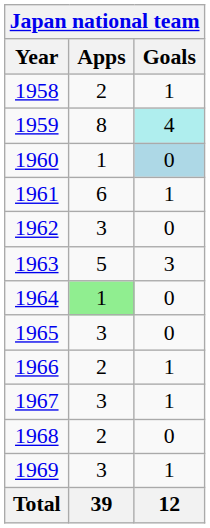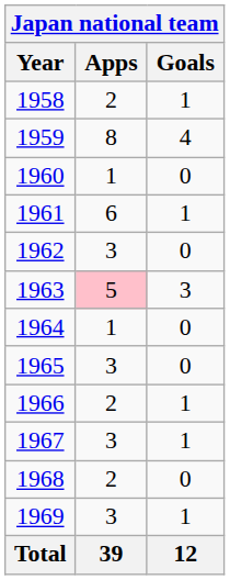 <table class="wikitable" style="text-align:center">
 <tr>
 <th colspan=3><a href='#'>Japan national team</a></th>
 </tr>
 <tr>
 <th>Year</th>
 <th>Apps</th>
 <th>Goals</th>
 </tr>
 <tr>
 <td><a href='#'>1958</a></td>
 <td>2</td>
 <td>1</td>
 </tr>
 <tr>
 <td><a href='#'>1959</a></td>
 <td>8</td>
-<td style="background: paleturquoise;">4</td>
+<td>4</td>
 </tr>
 <tr>
 <td><a href='#'>1960</a></td>
 <td>1</td>
-<td style="background: lightblue;">0</td>
+<td>0</td>
 </tr>
 <tr>
 <td><a href='#'>1961</a></td>
 <td>6</td>
 <td>1</td>
 </tr>
 <tr>
 <td><a href='#'>1962</a></td>
 <td>3</td>
 <td>0</td>
 </tr>
 <tr>
 <td><a href='#'>1963</a></td>
-<td>5</td>
+<td style="background: pink;">5</td>
 <td>3</td>
 </tr>
 <tr>
 <td><a href='#'>1964</a></td>
-<td style="background: lightgreen;">1</td>
+<td>1</td>
 <td>0</td>
 </tr>
 <tr>
 <td><a href='#'>1965</a></td>
 <td>3</td>
 <td>0</td>
 </tr>
 <tr>
 <td><a href='#'>1966</a></td>
 <td>2</td>
 <td>1</td>
 </tr>
 <tr>
 <td><a href='#'>1967</a></td>
 <td>3</td>
 <td>1</td>
 </tr>
 <tr>
 <td><a href='#'>1968</a></td>
 <td>2</td>
 <td>0</td>
 </tr>
 <tr>
 <td><a href='#'>1969</a></td>
 <td>3</td>
 <td>1</td>
 </tr>
 <tr>
 <th>Total</th>
 <th>39</th>
 <th>12</th>
 </tr>
 </table>
